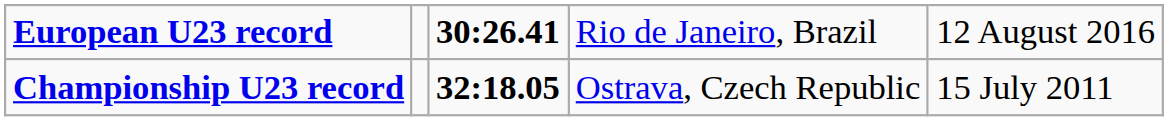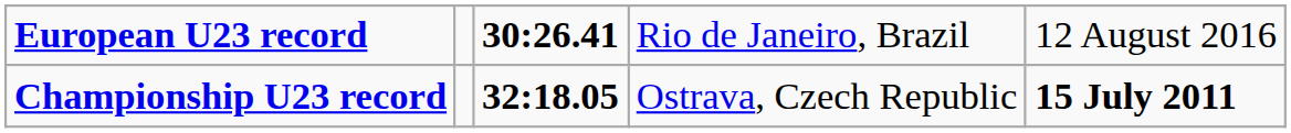 <table class="wikitable">
 <tr>
 <td><strong><a href='#'>European U23 record</a></strong></td>
 <td></td>
 <td><strong>30:26.41</strong></td>
 <td><a href='#'>Rio de Janeiro</a>, Brazil</td>
 <td>12 August 2016</td>
 </tr>
 <tr>
 <td><strong><a href='#'>Championship U23 record</a></strong></td>
 <td></td>
 <td><strong>32:18.05</strong></td>
 <td><a href='#'>Ostrava</a>, Czech Republic</td>
-<td>15 July 2011</td>
+<td><strong>15 July 2011</strong></td>
 </tr>
 </table>
